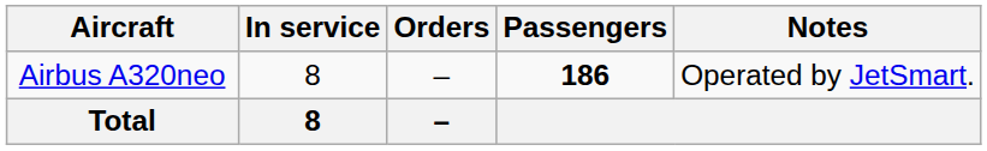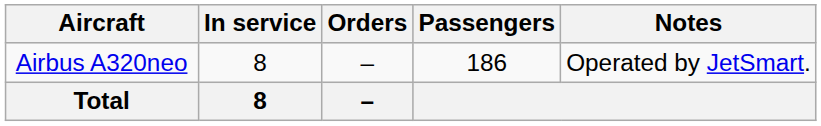 <table class="wikitable" style="border-collapse:collapse;text-align:center; margin-left: auto; margin-right: auto;">
 <tr>
 <th style="width:120px">Aircraft</th>
 <th>In service</th>
 <th>Orders</th>
 <th>Passengers</th>
 <th>Notes</th>
 </tr>
 <tr>
 <td><a href='#'>Airbus A320neo</a></td>
 <td>8</td>
 <td>–</td>
-<td><strong>186</strong></td>
+<td>186</td>
 <td>Operated by <a href='#'>JetSmart</a>.</td>
 </tr>
 <tr>
 <th>Total</th>
 <th>8</th>
 <th>–</th>
 <th colspan=2></th>
 </tr>
 </table>
